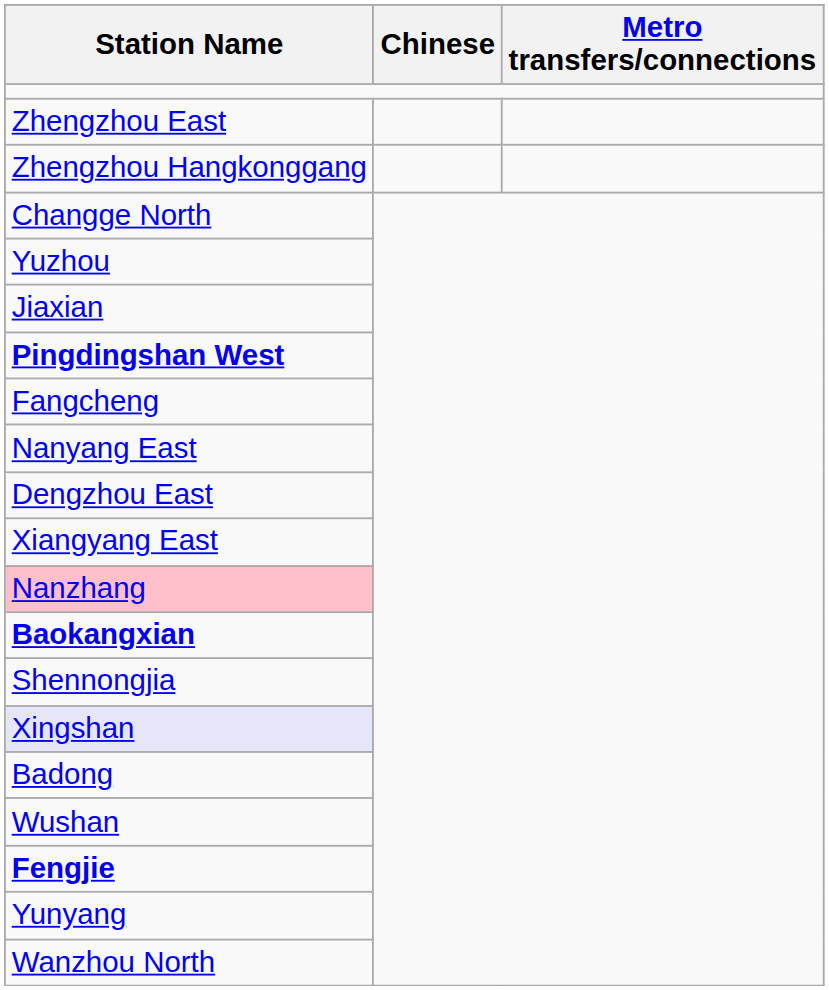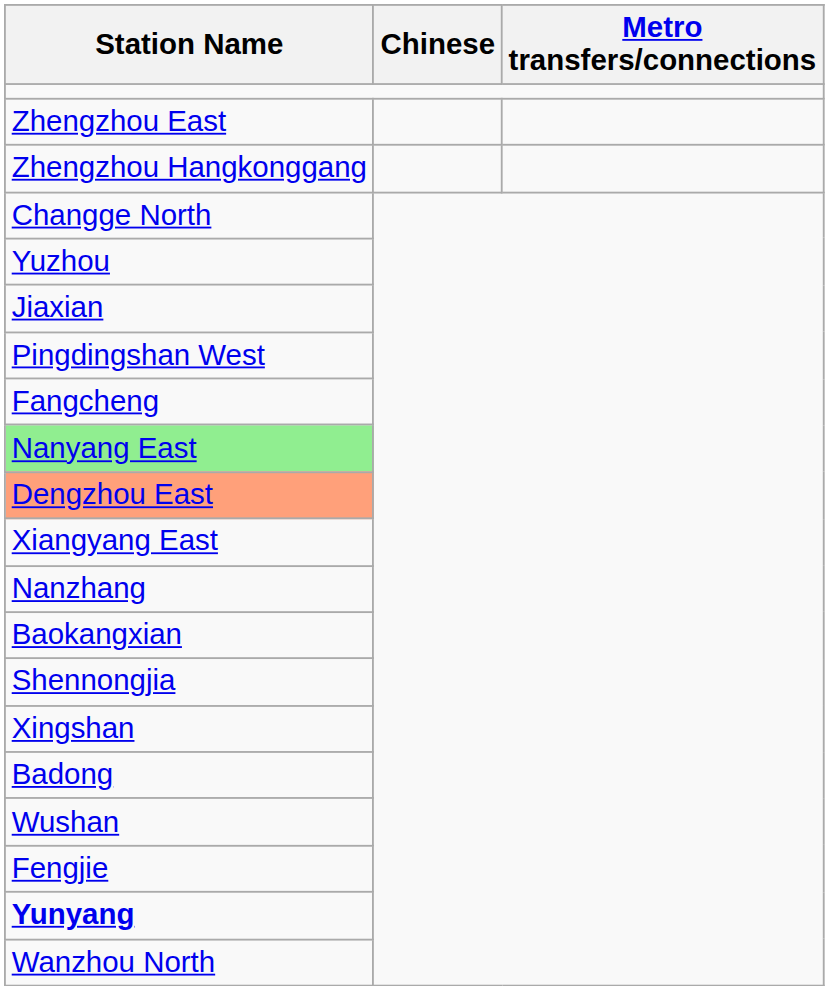 <table class="wikitable">
 <tr>
 <th>Station Name</th>
 <th>Chinese<br> </th>
 <th><a href='#'>Metro</a><br>transfers/connections<br></th>
 </tr>
 <tr style="background:#">
 <td colspan = "11"></td>
 </tr>
 <tr>
 <td><a href='#'>Zhengzhou East</a></td>
 <td></td>
 <td>  </td>
 </tr>
 <tr>
 <td><a href='#'>Zhengzhou Hangkonggang</a></td>
 <td></td>
 <td> </td>
 </tr>
 <tr>
 <td><a href='#'>Changge North</a></td>
 </tr>
 <tr>
 <td><a href='#'>Yuzhou</a></td>
 </tr>
 <tr>
 <td><a href='#'>Jiaxian</a></td>
 </tr>
 <tr>
-<td><strong><a href='#'>Pingdingshan West</a><br></strong></td>
+<td><a href='#'>Pingdingshan West</a><br></td>
 </tr>
 <tr>
 <td><a href='#'>Fangcheng</a></td>
 </tr>
 <tr>
-<td><a href='#'>Nanyang East</a></td>
+<td style="background: lightgreen;"><a href='#'>Nanyang East</a></td>
 </tr>
 <tr>
-<td><a href='#'>Dengzhou East</a></td>
+<td style="background: lightsalmon;"><a href='#'>Dengzhou East</a></td>
 </tr>
 <tr>
 <td><a href='#'>Xiangyang East</a></td>
 </tr>
 <tr>
-<td style="background: pink;"><a href='#'>Nanzhang</a></td>
+<td><a href='#'>Nanzhang</a></td>
 </tr>
 <tr>
-<td><strong><a href='#'>Baokangxian</a></strong></td>
+<td><a href='#'>Baokangxian</a></td>
 </tr>
 <tr>
 <td><a href='#'>Shennongjia</a></td>
 </tr>
 <tr>
-<td style="background: lavender;"><a href='#'>Xingshan</a></td>
+<td><a href='#'>Xingshan</a></td>
 </tr>
 <tr>
 <td><a href='#'>Badong</a></td>
 </tr>
 <tr>
 <td><a href='#'>Wushan</a></td>
 </tr>
 <tr>
-<td><strong><a href='#'>Fengjie</a></strong></td>
+<td><a href='#'>Fengjie</a></td>
 </tr>
 <tr>
-<td><a href='#'>Yunyang</a></td>
+<td><strong><a href='#'>Yunyang</a></strong></td>
 </tr>
 <tr>
 <td><a href='#'>Wanzhou North</a></td>
 </tr>
 </table>
